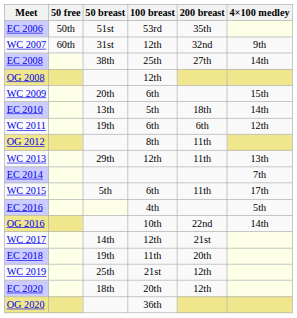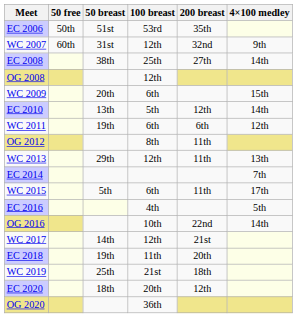 <table class="sortable wikitable">
 <tr>
 <th>Meet</th>
 <th class="unsortable">50 free</th>
 <th class="unsortable">50 breast</th>
 <th class="unsortable">100 breast</th>
 <th class="unsortable">200 breast</th>
 <th class="unsortable">4×100 medley</th>
 </tr>
 <tr>
 <td style="background:#ccccff"><a href='#'>EC 2006</a></td>
 <td align="center">50th</td>
 <td align="center">51st</td>
 <td align="center">53rd</td>
 <td align="center">35th</td>
 <td style="background:#fdffe7"></td>
 </tr>
 <tr>
 <td><a href='#'>WC 2007</a></td>
 <td align="center">60th</td>
 <td align="center">31st</td>
 <td align="center">12th</td>
 <td align="center">32nd</td>
 <td align="center">9th</td>
 </tr>
 <tr>
 <td style="background:#ccccff"><a href='#'>EC 2008</a></td>
 <td style="background:#fdffe7"></td>
 <td align="center">38th</td>
 <td align="center">25th</td>
 <td align="center">27th</td>
 <td align="center">14th</td>
 </tr>
 <tr>
 <td style="background:#f0e68c"><a href='#'>OG 2008</a></td>
 <td style="background:#f0e68c"></td>
 <td></td>
 <td align="center">12th</td>
 <td style="background:#f0e68c"></td>
 <td style="background:#f0e68c"></td>
 </tr>
 <tr>
 <td><a href='#'>WC 2009</a></td>
 <td style="background:#fdffe7"></td>
 <td align="center">20th</td>
 <td align="center">6th</td>
 <td align="center"></td>
 <td align="center">15th</td>
 </tr>
 <tr>
 <td style="background:#ccccff"><a href='#'>EC 2010</a></td>
 <td style="background:#fdffe7"></td>
 <td align="center">13th</td>
 <td align="center">5th</td>
-<td align="center">18th</td>
+<td align="center">12th</td>
 <td align="center">14th</td>
 </tr>
 <tr>
 <td><a href='#'>WC 2011</a></td>
 <td style="background:#fdffe7"></td>
 <td align="center">19th</td>
 <td align="center">6th</td>
 <td align="center">6th</td>
 <td align="center">12th</td>
 </tr>
 <tr>
 <td style="background:#f0e68c"><a href='#'>OG 2012</a></td>
 <td style="background:#f0e68c"></td>
 <td></td>
 <td align="center">8th</td>
 <td align="center">11th</td>
 <td style="background:#f0e68c"></td>
 </tr>
 <tr>
 <td><a href='#'>WC 2013</a></td>
 <td style="background:#fdffe7"></td>
 <td align="center">29th</td>
 <td align="center">12th</td>
 <td align="center">11th</td>
 <td align="center">13th</td>
 </tr>
 <tr>
 <td style="background:#ccccff"><a href='#'>EC 2014</a></td>
 <td style="background:#fdffe7"></td>
 <td align="center"></td>
 <td align="center"></td>
 <td align="center"></td>
 <td align="center">7th</td>
 </tr>
 <tr>
 <td><a href='#'>WC 2015</a></td>
 <td style="background:#fdffe7"></td>
 <td align="center">5th</td>
 <td align="center">6th</td>
 <td align="center">11th</td>
 <td align="center">17th</td>
 </tr>
 <tr>
 <td style="background:#ccccff"><a href='#'>EC 2016</a></td>
 <td style="background:#fdffe7"></td>
 <td style="background:#fdffe7"></td>
 <td align="center">4th</td>
 <td align="center"></td>
 <td align="center">5th</td>
 </tr>
 <tr>
 <td style="background:#f0e68c"><a href='#'>OG 2016</a></td>
 <td style="background:#f0e68c"></td>
 <td></td>
 <td align="center">10th</td>
 <td align="center">22nd</td>
 <td align="center">14th</td>
 </tr>
 <tr>
 <td><a href='#'>WC 2017</a></td>
 <td style="background:#fdffe7"></td>
 <td align="center">14th</td>
 <td align="center">12th</td>
 <td align="center">21st</td>
 <td style="background:#fdffe7"></td>
 </tr>
 <tr>
 <td style="background:#ccccff"><a href='#'>EC 2018</a></td>
 <td style="background:#fdffe7"></td>
 <td align="center">19th</td>
 <td align="center">11th</td>
 <td align="center">20th</td>
 <td style="background:#fdffe7"></td>
 </tr>
 <tr>
 <td><a href='#'>WC 2019</a></td>
 <td style="background:#fdffe7"></td>
 <td align="center">25th</td>
 <td align="center">21st</td>
-<td align="center">12th</td>
+<td align="center">18th</td>
 <td style="background:#fdffe7"></td>
 </tr>
 <tr>
 <td style="background:#ccccff"><a href='#'>EC 2020</a></td>
 <td style="background:#fdffe7"></td>
 <td align="center">18th</td>
 <td align="center">20th</td>
 <td align="center">12th</td>
 <td style="background:#fdffe7"></td>
 </tr>
 <tr>
 <td style="background:#f0e68c"><a href='#'>OG 2020</a></td>
 <td style="background:#f0e68c"></td>
 <td></td>
 <td align="center">36th</td>
 <td style="background:#f0e68c"></td>
 <td style="background:#f0e68c"></td>
 </tr>
 </table>
